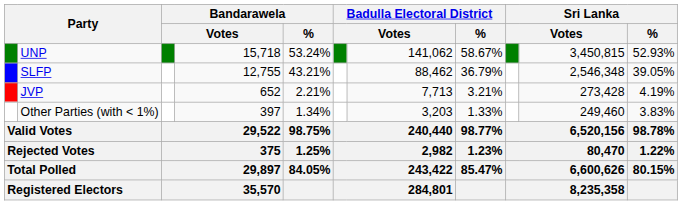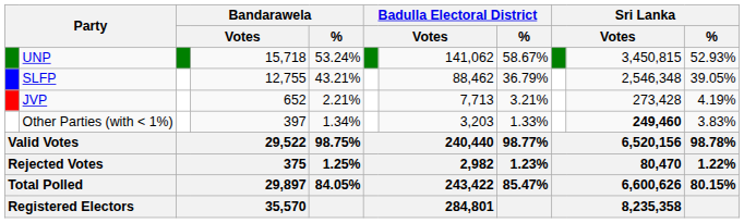 <table class="wikitable">
 <tr>
 <th colspan="2" width="144px"rowspan="2">Party</th>
 <th colspan="3" width="216px">Bandarawela</th>
 <th colspan="3" width="216px"><a href='#'>Badulla Electoral District</a></th>
 <th colspan="3" width="216px">Sri Lanka</th>
 </tr>
 <tr>
 <th colspan="2" width="144px">Votes</th>
 <th>%</th>
 <th colspan="2" width="144px">Votes</th>
 <th>%</th>
 <th colspan="2" width="144px">Votes</th>
 <th>%</th>
 </tr>
 <tr>
 <td style="background-color:green;" width="10px"></td>
 <td style="text-align:left;"><a href='#'>UNP</a></td>
 <td style="background-color:green;" width="10px"></td>
 <td style="text-align:right;">15,718</td>
 <td style="text-align:right;">53.24%</td>
 <td style="background-color:green;" width="10px"></td>
 <td style="text-align:right;">141,062</td>
 <td style="text-align:right;">58.67%</td>
 <td style="background-color:green;" width="10px"></td>
 <td style="text-align:right;">3,450,815</td>
 <td style="text-align:right;">52.93%</td>
 </tr>
 <tr>
 <td style="background-color:blue;" width="10px"></td>
 <td style="text-align:left;"><a href='#'>SLFP</a></td>
 <td style="background-color:white;" width="10px"></td>
 <td style="text-align:right;">12,755</td>
 <td style="text-align:right;">43.21%</td>
 <td style="background-color:white;" width="10px"></td>
 <td style="text-align:right;">88,462</td>
 <td style="text-align:right;">36.79%</td>
 <td style="background-color:white;" width="10px"></td>
 <td style="text-align:right;">2,546,348</td>
 <td style="text-align:right;">39.05%</td>
 </tr>
 <tr>
 <td style="background-color:red;" width="10px"></td>
 <td style="text-align:left;"><a href='#'>JVP</a></td>
 <td style="background-color:white;" width="10px"></td>
 <td style="text-align:right;">652</td>
 <td style="text-align:right;">2.21%</td>
 <td style="background-color:white;" width="10px"></td>
 <td style="text-align:right;">7,713</td>
 <td style="text-align:right;">3.21%</td>
 <td style="background-color:white;" width="10px"></td>
 <td style="text-align:right;">273,428</td>
 <td style="text-align:right;">4.19%</td>
 </tr>
 <tr>
 <td style="background-color:white;" width="10px"></td>
 <td style="text-align:left;">Other Parties (with < 1%)</td>
 <td style="background-color:white;" width="10px"></td>
 <td style="text-align:right;">397</td>
 <td style="text-align:right;">1.34%</td>
 <td style="background-color:white;" width="10px"></td>
 <td style="text-align:right;">3,203</td>
 <td style="text-align:right;">1.33%</td>
 <td style="background-color:white;" width="10px"></td>
-<td style="text-align:right;">249,460</td>
+<td style="text-align:right;"><strong>249,460</strong></td>
 <td style="text-align:right;">3.83%</td>
 </tr>
 <tr>
 <th colspan="2" width="144px"style="text-align:left;">Valid Votes</th>
 <th style="text-align:right;"colspan="2" width="144px">29,522</th>
 <th style="text-align:right;">98.75%</th>
 <th style="text-align:right;"colspan="2" width="144px">240,440</th>
 <th style="text-align:right;">98.77%</th>
 <th style="text-align:right;"colspan="2" width="144px">6,520,156</th>
 <th style="text-align:right;">98.78%</th>
 </tr>
 <tr>
 <th colspan="2" width="144px"style="text-align:left;">Rejected Votes</th>
 <th style="text-align:right;"colspan="2" width="144px">375</th>
 <th style="text-align:right;">1.25%</th>
 <th style="text-align:right;"colspan="2" width="144px">2,982</th>
 <th style="text-align:right;">1.23%</th>
 <th style="text-align:right;"colspan="2" width="144px">80,470</th>
 <th style="text-align:right;">1.22%</th>
 </tr>
 <tr>
 <th colspan="2" width="144px"style="text-align:left;">Total Polled</th>
 <th style="text-align:right;"colspan="2" width="144px">29,897</th>
 <th style="text-align:right;">84.05%</th>
 <th style="text-align:right;"colspan="2" width="144px">243,422</th>
 <th style="text-align:right;">85.47%</th>
 <th style="text-align:right;"colspan="2" width="144px">6,600,626</th>
 <th style="text-align:right;">80.15%</th>
 </tr>
 <tr>
 <th colspan="2" width="144px"style="text-align:left;">Registered Electors</th>
 <th style="text-align:right;"colspan="2" width="144px">35,570</th>
 <th></th>
 <th style="text-align:right;"colspan="2" width="144px">284,801</th>
 <th></th>
 <th style="text-align:right;"colspan="2" width="144px">8,235,358</th>
 <th></th>
 </tr>
 </table>
